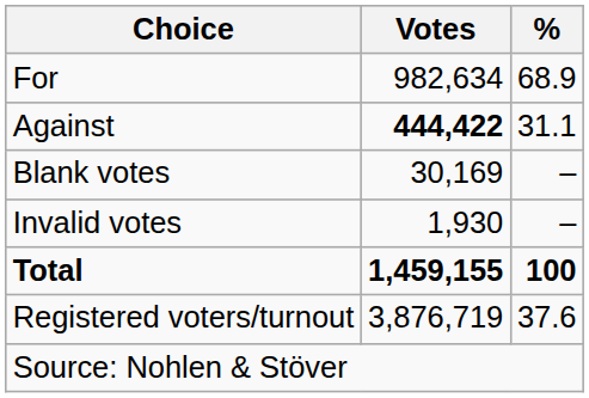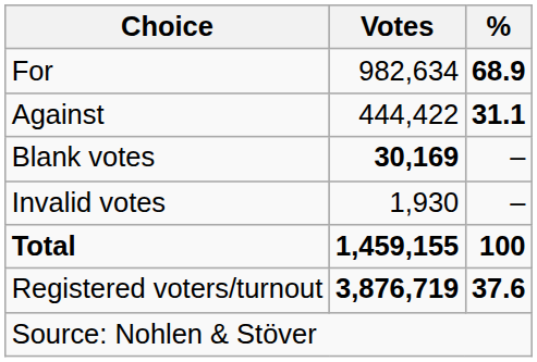 <table class=wikitable style=text-align:right>
 <tr>
 <th>Choice</th>
 <th>Votes</th>
 <th>%</th>
 </tr>
 <tr>
 <td align=left>For</td>
 <td>982,634</td>
-<td>68.9</td>
+<td><strong>68.9</strong></td>
 </tr>
 <tr>
 <td align=left>Against</td>
-<td><strong>444,422</strong></td>
-<td>31.1</td>
+<td>444,422</td>
+<td><strong>31.1</strong></td>
 </tr>
 <tr>
 <td align=left>Blank votes</td>
-<td>30,169</td>
+<td><strong>30,169</strong></td>
 <td>–</td>
 </tr>
 <tr>
 <td align=left>Invalid votes</td>
 <td>1,930</td>
 <td>–</td>
 </tr>
 <tr>
 <td align=left><strong>Total</strong></td>
 <td><strong>1,459,155</strong></td>
 <td><strong>100</strong></td>
 </tr>
 <tr>
 <td align=left>Registered voters/turnout</td>
-<td>3,876,719</td>
-<td>37.6</td>
+<td><strong>3,876,719</strong></td>
+<td><strong>37.6</strong></td>
 </tr>
 <tr>
 <td align=left colspan=11>Source: Nohlen & Stöver</td>
 </tr>
 </table>
